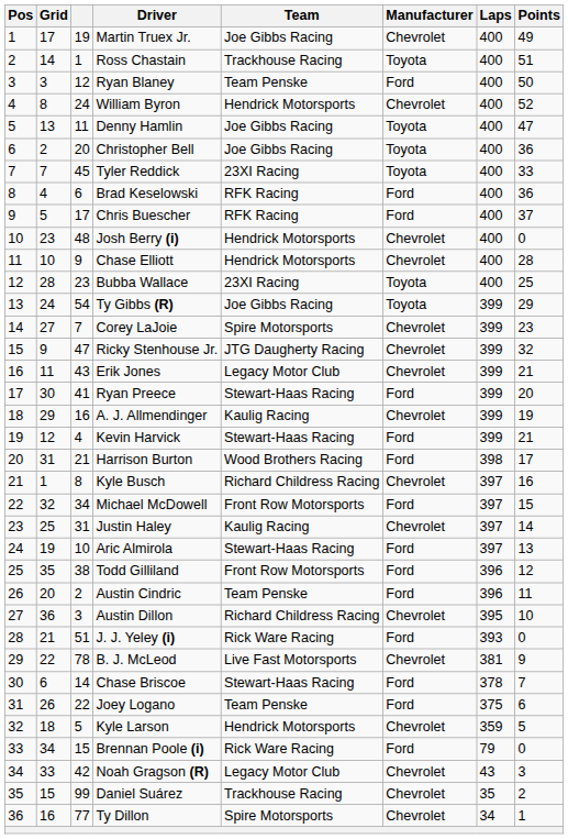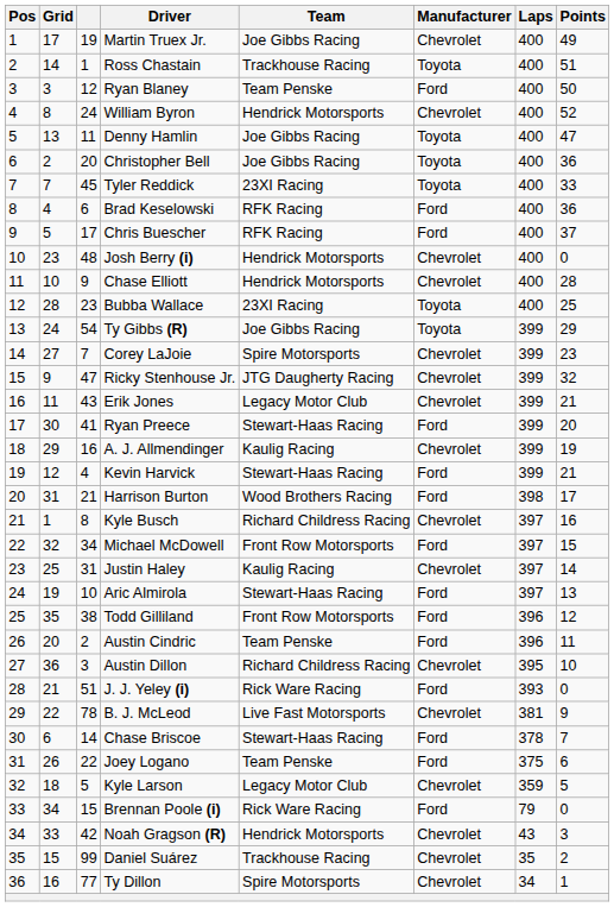 <table class="wikitable" style="font-size:98%">
 <tr>
 <th>Pos</th>
 <th>Grid</th>
 <th></th>
 <th>Driver</th>
 <th>Team</th>
 <th>Manufacturer</th>
 <th>Laps</th>
 <th>Points</th>
 </tr>
 <tr>
 <td>1</td>
 <td>17</td>
 <td>19</td>
 <td>Martin Truex Jr.</td>
 <td>Joe Gibbs Racing</td>
 <td>Chevrolet</td>
 <td>400</td>
 <td>49</td>
 </tr>
 <tr>
 <td>2</td>
 <td>14</td>
 <td>1</td>
 <td>Ross Chastain</td>
 <td>Trackhouse Racing</td>
 <td>Toyota</td>
 <td>400</td>
 <td>51</td>
 </tr>
 <tr>
 <td>3</td>
 <td>3</td>
 <td>12</td>
 <td>Ryan Blaney</td>
 <td>Team Penske</td>
 <td>Ford</td>
 <td>400</td>
 <td>50</td>
 </tr>
 <tr>
 <td>4</td>
 <td>8</td>
 <td>24</td>
 <td>William Byron</td>
 <td>Hendrick Motorsports</td>
 <td>Chevrolet</td>
 <td>400</td>
 <td>52</td>
 </tr>
 <tr>
 <td>5</td>
 <td>13</td>
 <td>11</td>
 <td>Denny Hamlin</td>
 <td>Joe Gibbs Racing</td>
 <td>Toyota</td>
 <td>400</td>
 <td>47</td>
 </tr>
 <tr>
 <td>6</td>
 <td>2</td>
 <td>20</td>
 <td>Christopher Bell</td>
 <td>Joe Gibbs Racing</td>
 <td>Toyota</td>
 <td>400</td>
 <td>36</td>
 </tr>
 <tr>
 <td>7</td>
 <td>7</td>
 <td>45</td>
 <td>Tyler Reddick</td>
 <td>23XI Racing</td>
 <td>Toyota</td>
 <td>400</td>
 <td>33</td>
 </tr>
 <tr>
 <td>8</td>
 <td>4</td>
 <td>6</td>
 <td>Brad Keselowski</td>
 <td>RFK Racing</td>
 <td>Ford</td>
 <td>400</td>
 <td>36</td>
 </tr>
 <tr>
 <td>9</td>
 <td>5</td>
 <td>17</td>
 <td>Chris Buescher</td>
 <td>RFK Racing</td>
 <td>Ford</td>
 <td>400</td>
 <td>37</td>
 </tr>
 <tr>
 <td>10</td>
 <td>23</td>
 <td>48</td>
 <td>Josh Berry <strong>(i)</strong></td>
 <td>Hendrick Motorsports</td>
 <td>Chevrolet</td>
 <td>400</td>
 <td>0</td>
 </tr>
 <tr>
 <td>11</td>
 <td>10</td>
 <td>9</td>
 <td>Chase Elliott</td>
 <td>Hendrick Motorsports</td>
 <td>Chevrolet</td>
 <td>400</td>
 <td>28</td>
 </tr>
 <tr>
 <td>12</td>
 <td>28</td>
 <td>23</td>
 <td>Bubba Wallace</td>
 <td>23XI Racing</td>
 <td>Toyota</td>
 <td>400</td>
 <td>25</td>
 </tr>
 <tr>
 <td>13</td>
 <td>24</td>
 <td>54</td>
 <td>Ty Gibbs <strong>(R)</strong></td>
 <td>Joe Gibbs Racing</td>
 <td>Toyota</td>
 <td>399</td>
 <td>29</td>
 </tr>
 <tr>
 <td>14</td>
 <td>27</td>
 <td>7</td>
 <td>Corey LaJoie</td>
 <td>Spire Motorsports</td>
 <td>Chevrolet</td>
 <td>399</td>
 <td>23</td>
 </tr>
 <tr>
 <td>15</td>
 <td>9</td>
 <td>47</td>
 <td>Ricky Stenhouse Jr.</td>
 <td>JTG Daugherty Racing</td>
 <td>Chevrolet</td>
 <td>399</td>
 <td>32</td>
 </tr>
 <tr>
 <td>16</td>
 <td>11</td>
 <td>43</td>
 <td>Erik Jones</td>
 <td>Legacy Motor Club</td>
 <td>Chevrolet</td>
 <td>399</td>
 <td>21</td>
 </tr>
 <tr>
 <td>17</td>
 <td>30</td>
 <td>41</td>
 <td>Ryan Preece</td>
 <td>Stewart-Haas Racing</td>
 <td>Ford</td>
 <td>399</td>
 <td>20</td>
 </tr>
 <tr>
 <td>18</td>
 <td>29</td>
 <td>16</td>
 <td>A. J. Allmendinger</td>
 <td>Kaulig Racing</td>
 <td>Chevrolet</td>
 <td>399</td>
 <td>19</td>
 </tr>
 <tr>
 <td>19</td>
 <td>12</td>
 <td>4</td>
 <td>Kevin Harvick</td>
 <td>Stewart-Haas Racing</td>
 <td>Ford</td>
 <td>399</td>
 <td>21</td>
 </tr>
 <tr>
 <td>20</td>
 <td>31</td>
 <td>21</td>
 <td>Harrison Burton</td>
 <td>Wood Brothers Racing</td>
 <td>Ford</td>
 <td>398</td>
 <td>17</td>
 </tr>
 <tr>
 <td>21</td>
 <td>1</td>
 <td>8</td>
 <td>Kyle Busch</td>
 <td>Richard Childress Racing</td>
 <td>Chevrolet</td>
 <td>397</td>
 <td>16</td>
 </tr>
 <tr>
 <td>22</td>
 <td>32</td>
 <td>34</td>
 <td>Michael McDowell</td>
 <td>Front Row Motorsports</td>
 <td>Ford</td>
 <td>397</td>
 <td>15</td>
 </tr>
 <tr>
 <td>23</td>
 <td>25</td>
 <td>31</td>
 <td>Justin Haley</td>
 <td>Kaulig Racing</td>
 <td>Chevrolet</td>
 <td>397</td>
 <td>14</td>
 </tr>
 <tr>
 <td>24</td>
 <td>19</td>
 <td>10</td>
 <td>Aric Almirola</td>
 <td>Stewart-Haas Racing</td>
 <td>Ford</td>
 <td>397</td>
 <td>13</td>
 </tr>
 <tr>
 <td>25</td>
 <td>35</td>
 <td>38</td>
 <td>Todd Gilliland</td>
 <td>Front Row Motorsports</td>
 <td>Ford</td>
 <td>396</td>
 <td>12</td>
 </tr>
 <tr>
 <td>26</td>
 <td>20</td>
 <td>2</td>
 <td>Austin Cindric</td>
 <td>Team Penske</td>
 <td>Ford</td>
 <td>396</td>
 <td>11</td>
 </tr>
 <tr>
 <td>27</td>
 <td>36</td>
 <td>3</td>
 <td>Austin Dillon</td>
 <td>Richard Childress Racing</td>
 <td>Chevrolet</td>
 <td>395</td>
 <td>10</td>
 </tr>
 <tr>
 <td>28</td>
 <td>21</td>
 <td>51</td>
 <td>J. J. Yeley <strong>(i)</strong></td>
 <td>Rick Ware Racing</td>
 <td>Ford</td>
 <td>393</td>
 <td>0</td>
 </tr>
 <tr>
 <td>29</td>
 <td>22</td>
 <td>78</td>
 <td>B. J. McLeod</td>
 <td>Live Fast Motorsports</td>
 <td>Chevrolet</td>
 <td>381</td>
 <td>9</td>
 </tr>
 <tr>
 <td>30</td>
 <td>6</td>
 <td>14</td>
 <td>Chase Briscoe</td>
 <td>Stewart-Haas Racing</td>
 <td>Ford</td>
 <td>378</td>
 <td>7</td>
 </tr>
 <tr>
 <td>31</td>
 <td>26</td>
 <td>22</td>
 <td>Joey Logano</td>
 <td>Team Penske</td>
 <td>Ford</td>
 <td>375</td>
 <td>6</td>
 </tr>
 <tr>
 <td>32</td>
 <td>18</td>
 <td>5</td>
 <td>Kyle Larson</td>
-<td>Hendrick Motorsports</td>
+<td>Legacy Motor Club</td>
 <td>Chevrolet</td>
 <td>359</td>
 <td>5</td>
 </tr>
 <tr>
 <td>33</td>
 <td>34</td>
 <td>15</td>
 <td>Brennan Poole <strong>(i)</strong></td>
 <td>Rick Ware Racing</td>
 <td>Ford</td>
 <td>79</td>
 <td>0</td>
 </tr>
 <tr>
 <td>34</td>
 <td>33</td>
 <td>42</td>
 <td>Noah Gragson <strong>(R)</strong></td>
-<td>Legacy Motor Club</td>
+<td>Hendrick Motorsports</td>
 <td>Chevrolet</td>
 <td>43</td>
 <td>3</td>
 </tr>
 <tr>
 <td>35</td>
 <td>15</td>
 <td>99</td>
 <td>Daniel Suárez</td>
 <td>Trackhouse Racing</td>
 <td>Chevrolet</td>
 <td>35</td>
 <td>2</td>
 </tr>
 <tr>
 <td>36</td>
 <td>16</td>
 <td>77</td>
 <td>Ty Dillon</td>
 <td>Spire Motorsports</td>
 <td>Chevrolet</td>
 <td>34</td>
 <td>1</td>
 </tr>
 <tr>
 <th colspan="8"></th>
 </tr>
 </table>
